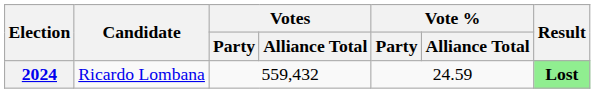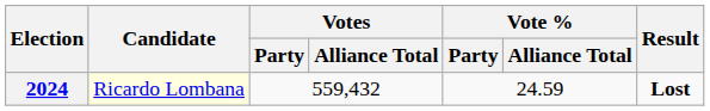 <table class="wikitable" style="text-align: center;">
 <tr>
 <th rowspan="2">Election</th>
 <th rowspan="2">Candidate</th>
 <th colspan="2">Votes</th>
 <th colspan="2">Vote %</th>
 <th rowspan="2">Result</th>
 </tr>
 <tr>
 <th>Party</th>
 <th>Alliance Total</th>
 <th>Party</th>
 <th>Alliance Total</th>
 </tr>
 <tr>
 <th><a href='#'>2024</a></th>
-<td><a href='#'>Ricardo Lombana</a></td>
+<td style="background: lightyellow;"><a href='#'>Ricardo Lombana</a></td>
 <td colspan=2>559,432</td>
 <td colspan=2>24.59</td>
-<td style="background: lightgreen;"> <strong>Lost</strong></td>
+<td> <strong>Lost</strong></td>
 </tr>
 </table>
